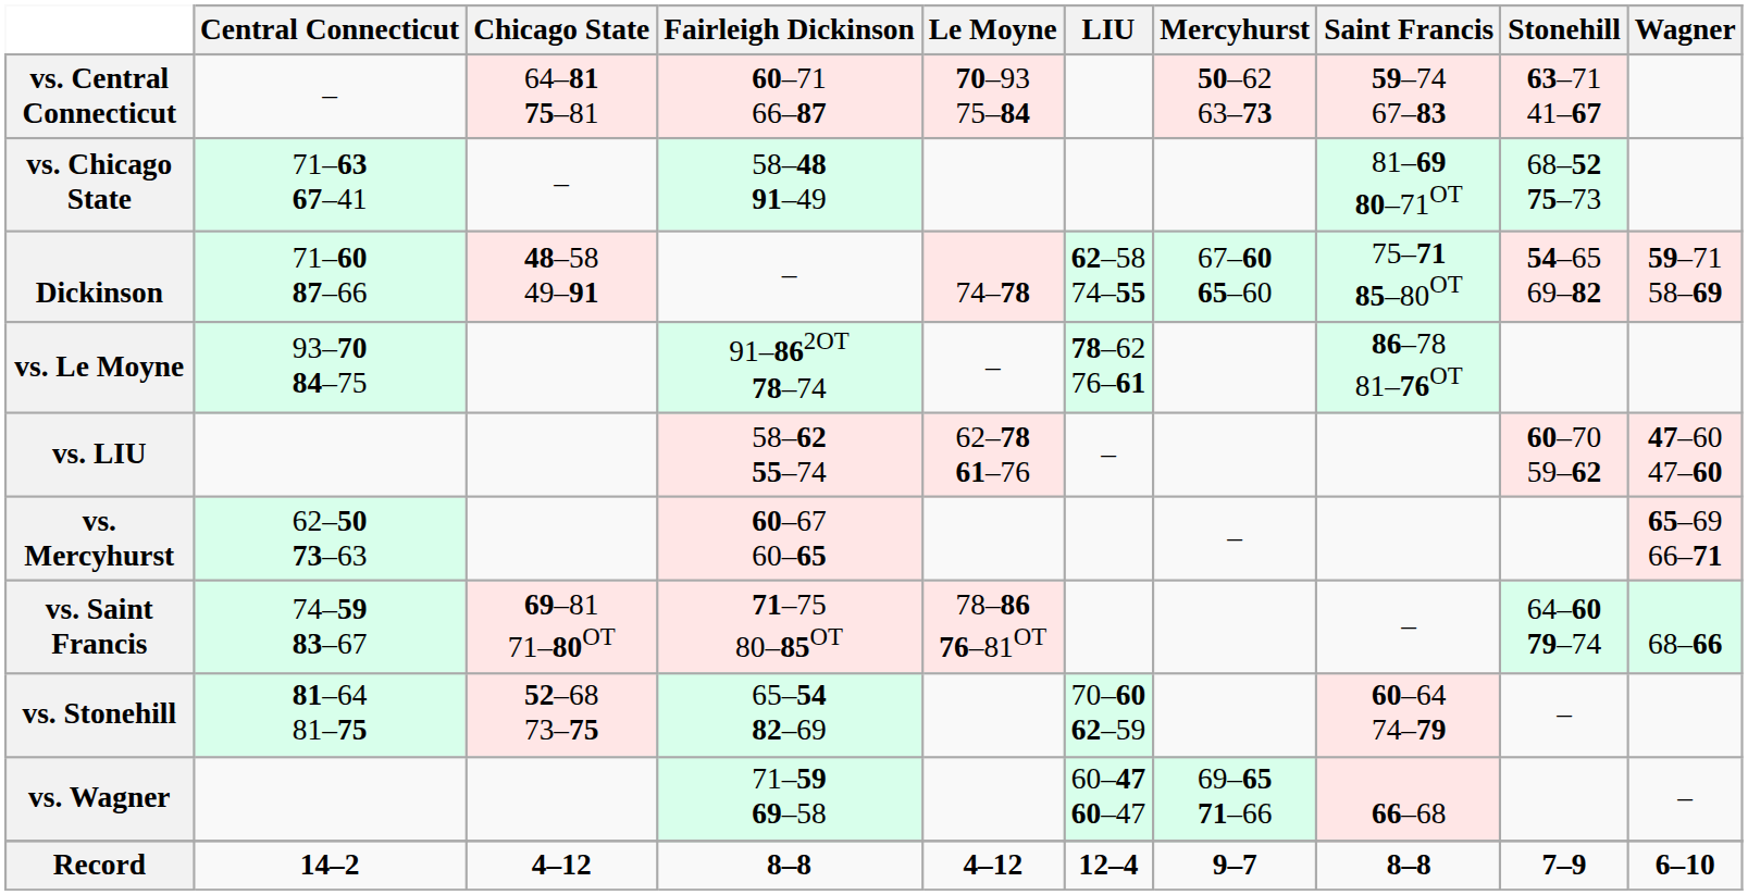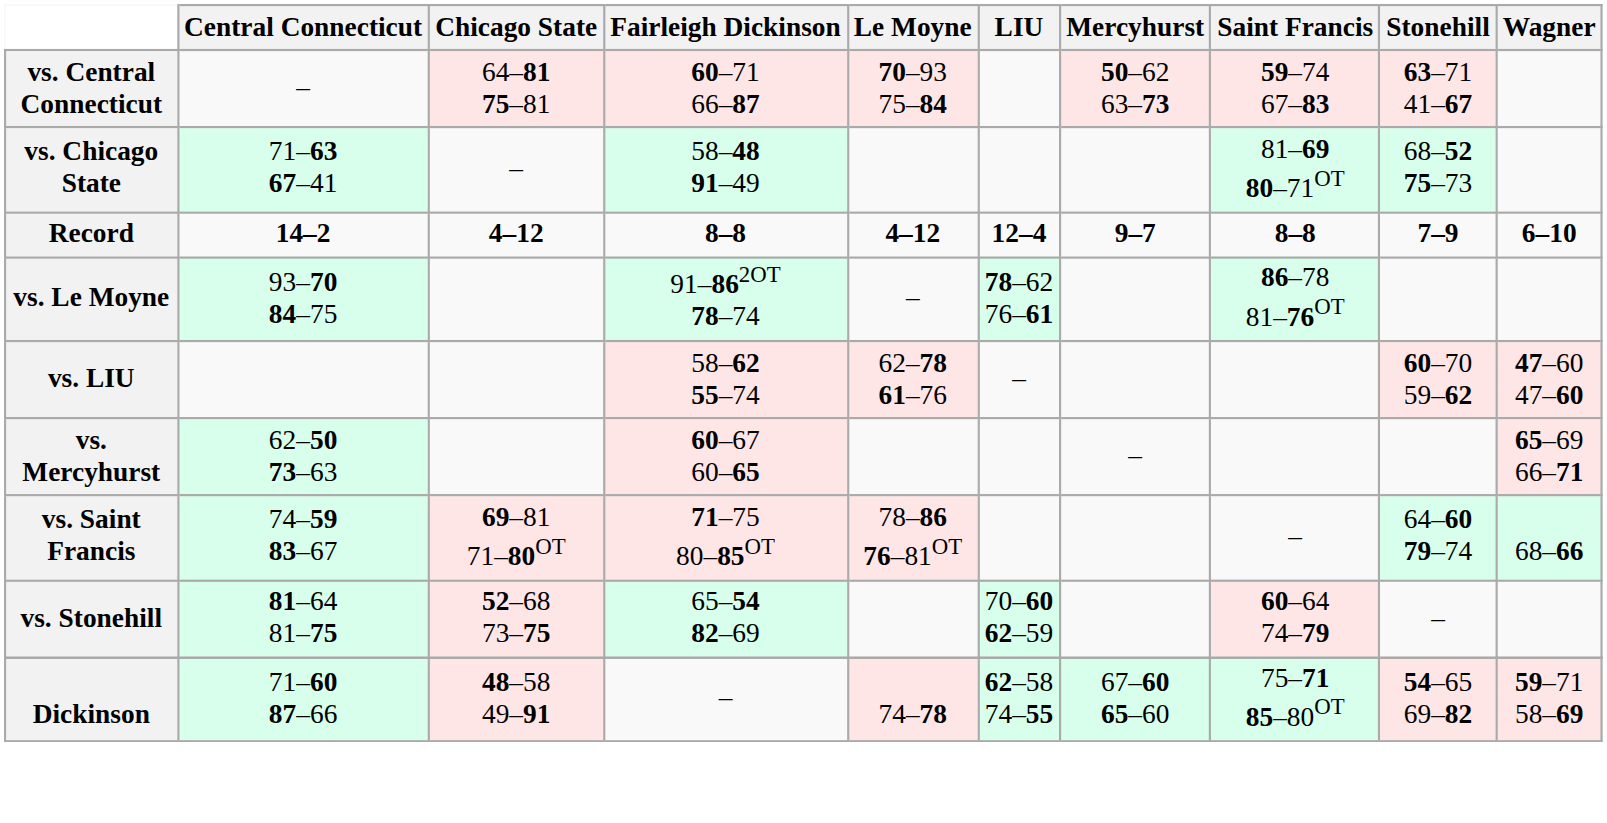 <table class="wikitable" style="font-size:80%;">
 <tr>
 <th colspan=1 style="background:white; border-top-style:hidden; border-left-style:hidden;"   width=75> </th>
 <th>Central Connecticut</th>
 <th>Chicago State</th>
 <th>Fairleigh Dickinson</th>
 <th>Le Moyne</th>
 <th>LIU</th>
 <th>Mercyhurst</th>
 <th>Saint Francis</th>
 <th>Stonehill</th>
 <th>Wagner</th>
 </tr>
 <tr style="text-align:center;">
 <th>vs. Central Connecticut</th>
 <td>–</td>
 <td style="background:#FFE6E6;">64–<strong>81</strong><br><strong>75</strong>–81</td>
 <td style="background:#FFE6E6;"><strong>60</strong>–71<br>66–<strong>87</strong></td>
 <td style="background:#FFE6E6;"><strong>70</strong>–93<br>75–<strong>84</strong></td>
 <td></td>
 <td style="background:#FFE6E6;"><strong>50</strong>–62<br>63–<strong>73</strong></td>
 <td style="background:#FFE6E6;"><strong>59</strong>–74<br>67–<strong>83</strong></td>
 <td style="background:#FFE6E6;"><strong>63</strong>–71<br>41–<strong>67</strong></td>
 <td></td>
 </tr>
 <tr style="text-align:center;">
 <th>vs. Chicago State</th>
 <td style="background:#D8FFEB;">71–<strong>63</strong><br><strong>67</strong>–41</td>
 <td>–</td>
 <td style="background:#D8FFEB;">58–<strong>48</strong><br><strong>91</strong>–49</td>
 <td></td>
 <td></td>
 <td></td>
 <td style="background:#D8FFEB;">81–<strong>69</strong><br><strong>80</strong>–71<sup>OT</sup></td>
 <td style="background:#D8FFEB;">68–<strong>52</strong><br><strong>75</strong>–73</td>
 <td></td>
 </tr>
 <tr style="text-align:center;">
-<th><br>Dickinson</th>
-<td style="background:#D8FFEB;">71–<strong>60</strong><br><strong>87</strong>–66</td>
-<td style="background:#FFE6E6;"><strong>48</strong>–58<br>49–<strong>91</strong></td>
-<td>–</td>
-<td style="background:#FFE6E6;"><br>74–<strong>78</strong></td>
-<td style="background:#D8FFEB;"><strong>62</strong>–58<br>74–<strong>55</strong></td>
-<td style="background:#D8FFEB;">67–<strong>60</strong><br><strong>65</strong>–60</td>
-<td style="background:#D8FFEB;">75–<strong>71</strong><br><strong>85</strong>–80<sup>OT</sup></td>
-<td style="background:#FFE6E6;"><strong>54</strong>–65<br>69–<strong>82</strong></td>
-<td style="background:#FFE6E6;"><strong>59</strong>–71<br>58–<strong>69</strong></td>
+<th>Record</th>
+<td><strong>14–2</strong></td>
+<td><strong>4–12</strong></td>
+<td><strong>8–8</strong></td>
+<td><strong>4–12</strong></td>
+<td><strong>12–4</strong></td>
+<td><strong>9–7</strong></td>
+<td><strong>8–8</strong></td>
+<td><strong>7–9</strong></td>
+<td><strong>6–10</strong></td>
 </tr>
 <tr style="text-align:center;">
 <th>vs. Le Moyne</th>
 <td style="background:#D8FFEB;">93–<strong>70</strong><br><strong>84</strong>–75</td>
 <td></td>
 <td style="background:#D8FFEB;">91–<strong>86</strong><sup>2OT</sup><br><strong>78</strong>–74</td>
 <td>–</td>
 <td style="background:#D8FFEB;"><strong>78</strong>–62<br>76–<strong>61</strong></td>
 <td></td>
 <td style="background:#D8FFEB;"><strong>86</strong>–78<br>81–<strong>76</strong><sup>OT</sup></td>
 <td></td>
 <td></td>
 </tr>
 <tr style="text-align:center;">
 <th>vs. LIU</th>
 <td></td>
 <td></td>
 <td style="background:#FFE6E6;">58–<strong>62</strong><br><strong>55</strong>–74</td>
 <td style="background:#FFE6E6;">62–<strong>78</strong><br><strong>61</strong>–76</td>
 <td>–</td>
 <td></td>
 <td></td>
 <td style="background:#FFE6E6;"><strong>60</strong>–70<br>59–<strong>62</strong></td>
 <td style="background:#FFE6E6;"><strong>47</strong>–60<br>47–<strong>60</strong></td>
 </tr>
 <tr style="text-align:center;">
 <th>vs. Mercyhurst</th>
 <td style="background:#D8FFEB;">62–<strong>50</strong><br><strong>73</strong>–63</td>
 <td></td>
 <td style="background:#FFE6E6;"><strong>60</strong>–67<br>60–<strong>65</strong></td>
 <td></td>
 <td></td>
 <td>–</td>
 <td></td>
 <td></td>
 <td style="background:#FFE6E6;"><strong>65</strong>–69<br>66–<strong>71</strong></td>
 </tr>
 <tr style="text-align:center;">
 <th>vs. Saint Francis</th>
 <td style="background:#D8FFEB;">74–<strong>59</strong><br><strong>83</strong>–67</td>
 <td style="background:#FFE6E6;"><strong>69</strong>–81<br>71–<strong>80</strong><sup>OT</sup></td>
 <td style="background:#FFE6E6;"><strong>71</strong>–75<br>80–<strong>85</strong><sup>OT</sup></td>
 <td style="background:#FFE6E6;">78–<strong>86</strong><br><strong>76</strong>–81<sup>OT</sup></td>
 <td></td>
 <td></td>
 <td>–</td>
 <td style="background:#D8FFEB;">64–<strong>60</strong><br><strong>79</strong>–74</td>
 <td style="background:#D8FFEB;"><br>68–<strong>66</strong></td>
 </tr>
 <tr style="text-align:center;">
 <th>vs. Stonehill</th>
 <td style="background:#D8FFEB;"><strong>81</strong>–64<br>81–<strong>75</strong></td>
 <td style="background:#FFE6E6;"><strong>52</strong>–68<br>73–<strong>75</strong></td>
 <td style="background:#D8FFEB;">65–<strong>54</strong><br><strong>82</strong>–69</td>
 <td></td>
 <td style="background:#D8FFEB;">70–<strong>60</strong><br><strong>62</strong>–59</td>
 <td></td>
 <td style="background:#FFE6E6;"><strong>60</strong>–64<br>74–<strong>79</strong></td>
 <td>–</td>
 <td></td>
 </tr>
-<tr style="text-align:center;">
-<th>vs. Wagner</th>
-<td></td>
-<td></td>
-<td style="background:#D8FFEB;">71–<strong>59</strong><br><strong>69</strong>–58</td>
-<td></td>
-<td style="background:#D8FFEB;">60–<strong>47</strong><br><strong>60</strong>–47</td>
-<td style="background:#D8FFEB;">69–<strong>65</strong><br><strong>71</strong>–66</td>
-<td style="background:#FFE6E6;"><br><strong>66</strong>–68</td>
-<td></td>
-<td>–</td>
-</tr>
 <tr>
 </tr>
 <tr style="text-align:center;">
-<th>Record</th>
-<td><strong>14–2</strong></td>
-<td><strong>4–12</strong></td>
-<td><strong>8–8</strong></td>
-<td><strong>4–12</strong></td>
-<td><strong>12–4</strong></td>
-<td><strong>9–7</strong></td>
-<td><strong>8–8</strong></td>
-<td><strong>7–9</strong></td>
-<td><strong>6–10</strong></td>
+<th><br>Dickinson</th>
+<td style="background:#D8FFEB;">71–<strong>60</strong><br><strong>87</strong>–66</td>
+<td style="background:#FFE6E6;"><strong>48</strong>–58<br>49–<strong>91</strong></td>
+<td>–</td>
+<td style="background:#FFE6E6;"><br>74–<strong>78</strong></td>
+<td style="background:#D8FFEB;"><strong>62</strong>–58<br>74–<strong>55</strong></td>
+<td style="background:#D8FFEB;">67–<strong>60</strong><br><strong>65</strong>–60</td>
+<td style="background:#D8FFEB;">75–<strong>71</strong><br><strong>85</strong>–80<sup>OT</sup></td>
+<td style="background:#FFE6E6;"><strong>54</strong>–65<br>69–<strong>82</strong></td>
+<td style="background:#FFE6E6;"><strong>59</strong>–71<br>58–<strong>69</strong></td>
 </tr>
 </table>
